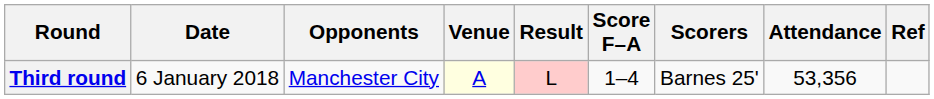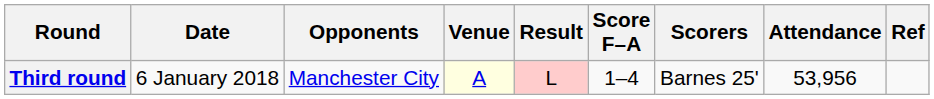 <table class="wikitable plainrowheaders sortable" style="text-align:center">
 <tr>
 <th scope="col">Round</th>
 <th scope="col">Date</th>
 <th scope="col">Opponents</th>
 <th scope="col">Venue</th>
 <th scope="col">Result</th>
 <th scope="col">Score<br>F–A</th>
 <th scope="col" class="unsortable">Scorers</th>
 <th scope="col">Attendance</th>
 <th scope="col" class="unsortable">Ref</th>
 </tr>
 <tr>
 <th scope="row"><a href='#'>Third round</a></th>
 <td align=left>6 January 2018</td>
 <td align="left"><a href='#'>Manchester City</a></td>
 <td style="background: lightyellow;"><a href='#'>A</a></td>
 <td bgcolor="#FFCCCC">L</td>
 <td>1–4</td>
 <td align="left">Barnes 25'</td>
-<td>53,356</td>
+<td>53,956</td>
 <td></td>
 </tr>
 </table>
